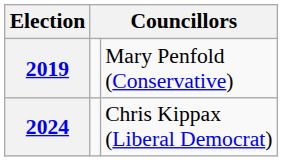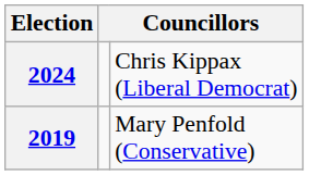 <table class="wikitable">
 <tr>
 <th>Election</th>
 <th colspan="2">Councillors</th>
 </tr>
 <tr>
+<th><a href='#'>2024</a></th>
+<td rowspan="1;" style="background-color: "></td>
+<td rowspan="1">Chris Kippax<br>(<a href='#'>Liberal Democrat</a>)</td>
+</tr>
+<tr>
 <th><a href='#'>2019</a></th>
 <td rowspan="1" style="background-color: "></td>
 <td rowspan="1">Mary Penfold<br>(<a href='#'>Conservative</a>)</td>
 </tr>
-<tr>
-<th><a href='#'>2024</a></th>
-<td rowspan="1;" style="background-color: "></td>
-<td rowspan="1">Chris Kippax<br>(<a href='#'>Liberal Democrat</a>)</td>
-</tr>
 </table>
